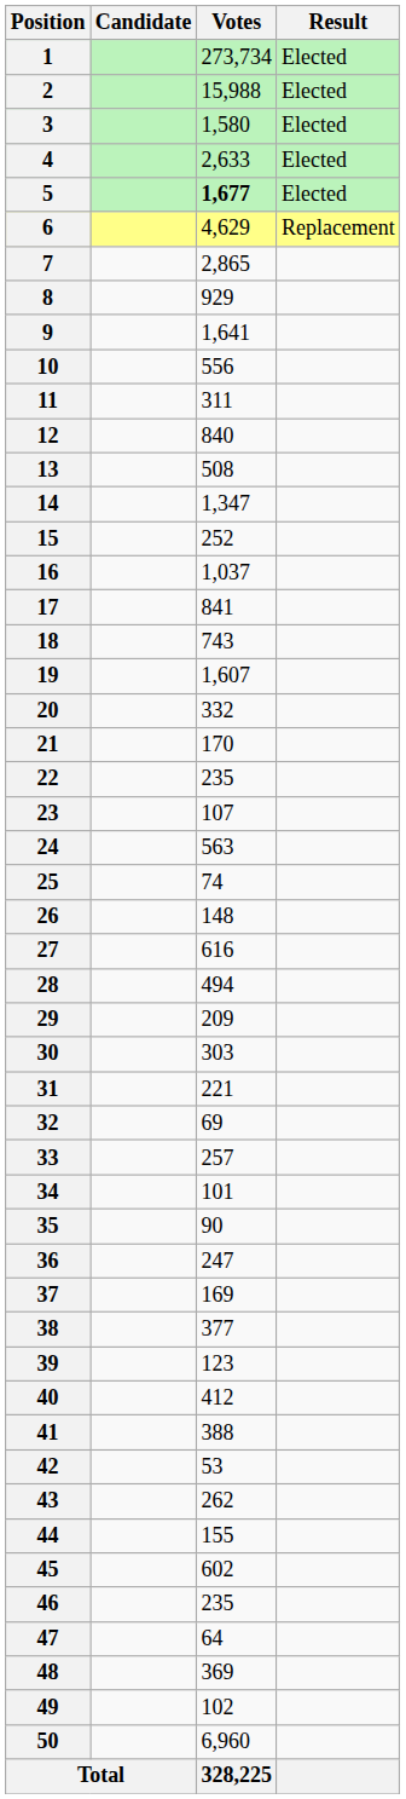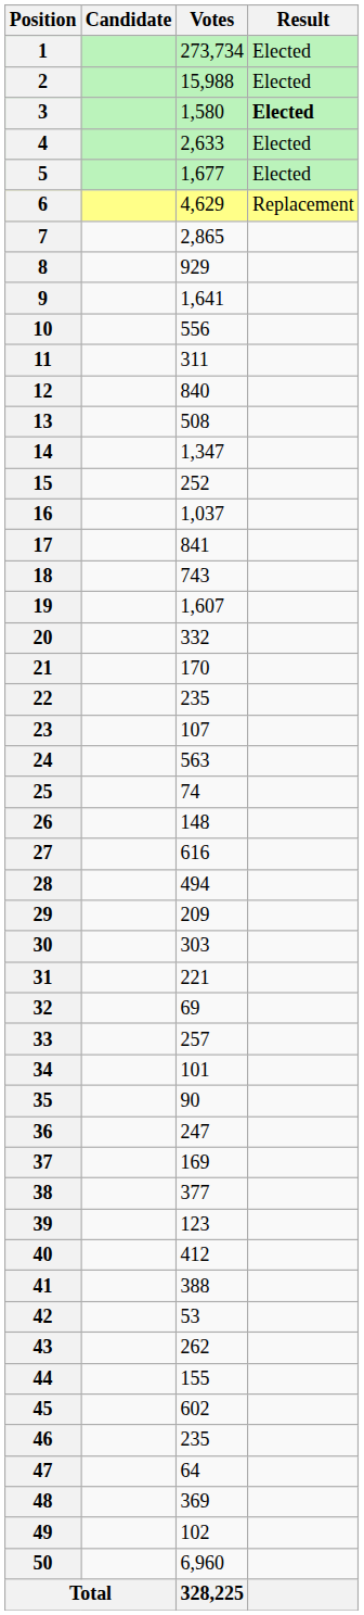 <table class="wikitable sortable col3right">
 <tr>
 <th scope="col">Position</th>
 <th scope="col">Candidate</th>
 <th scope="col">Votes</th>
 <th scope="col">Result</th>
 </tr>
 <tr bgcolor=bbf3bb>
 <th scope="row">1</th>
 <td></td>
 <td>273,734</td>
 <td>Elected</td>
 </tr>
 <tr bgcolor=bbf3bb>
 <th scope="row">2</th>
 <td></td>
 <td>15,988</td>
 <td>Elected</td>
 </tr>
 <tr bgcolor=bbf3bb>
 <th scope="row">3</th>
 <td></td>
 <td>1,580</td>
-<td>Elected</td>
+<td><strong>Elected</strong></td>
 </tr>
 <tr bgcolor=bbf3bb>
 <th scope="row">4</th>
 <td></td>
 <td>2,633</td>
 <td>Elected</td>
 </tr>
 <tr bgcolor=bbf3bb>
 <th scope="row">5</th>
 <td></td>
-<td><strong>1,677</strong></td>
+<td>1,677</td>
 <td>Elected</td>
 </tr>
 <tr bgcolor=#FF8>
 <th scope="row">6</th>
 <td></td>
 <td>4,629</td>
 <td>Replacement</td>
 </tr>
 <tr>
 <th scope="row">7</th>
 <td></td>
 <td>2,865</td>
 <td></td>
 </tr>
 <tr>
 <th scope="row">8</th>
 <td></td>
 <td>929</td>
 <td></td>
 </tr>
 <tr>
 <th scope="row">9</th>
 <td></td>
 <td>1,641</td>
 <td></td>
 </tr>
 <tr>
 <th scope="row">10</th>
 <td></td>
 <td>556</td>
 <td></td>
 </tr>
 <tr>
 <th scope="row">11</th>
 <td></td>
 <td>311</td>
 <td></td>
 </tr>
 <tr>
 <th scope="row">12</th>
 <td></td>
 <td>840</td>
 <td></td>
 </tr>
 <tr>
 <th scope="row">13</th>
 <td></td>
 <td>508</td>
 <td></td>
 </tr>
 <tr>
 <th scope="row">14</th>
 <td></td>
 <td>1,347</td>
 <td></td>
 </tr>
 <tr>
 <th scope="row">15</th>
 <td></td>
 <td>252</td>
 <td></td>
 </tr>
 <tr>
 <th scope="row">16</th>
 <td></td>
 <td>1,037</td>
 <td></td>
 </tr>
 <tr>
 <th scope="row">17</th>
 <td></td>
 <td>841</td>
 <td></td>
 </tr>
 <tr>
 <th scope="row">18</th>
 <td></td>
 <td>743</td>
 <td></td>
 </tr>
 <tr>
 <th scope="row">19</th>
 <td></td>
 <td>1,607</td>
 <td></td>
 </tr>
 <tr>
 <th scope="row">20</th>
 <td></td>
 <td>332</td>
 <td></td>
 </tr>
 <tr>
 <th scope="row">21</th>
 <td></td>
 <td>170</td>
 <td></td>
 </tr>
 <tr>
 <th scope="row">22</th>
 <td></td>
 <td>235</td>
 <td></td>
 </tr>
 <tr>
 <th scope="row">23</th>
 <td></td>
 <td>107</td>
 <td></td>
 </tr>
 <tr>
 <th scope="row">24</th>
 <td></td>
 <td>563</td>
 <td></td>
 </tr>
 <tr>
 <th scope="row">25</th>
 <td></td>
 <td>74</td>
 <td></td>
 </tr>
 <tr>
 <th scope="row">26</th>
 <td></td>
 <td>148</td>
 <td></td>
 </tr>
 <tr>
 <th scope="row">27</th>
 <td></td>
 <td>616</td>
 <td></td>
 </tr>
 <tr>
 <th scope="row">28</th>
 <td></td>
 <td>494</td>
 <td></td>
 </tr>
 <tr>
 <th scope="row">29</th>
 <td></td>
 <td>209</td>
 <td></td>
 </tr>
 <tr>
 <th scope="row">30</th>
 <td></td>
 <td>303</td>
 <td></td>
 </tr>
 <tr>
 <th scope="row">31</th>
 <td></td>
 <td>221</td>
 <td></td>
 </tr>
 <tr>
 <th scope="row">32</th>
 <td></td>
 <td>69</td>
 <td></td>
 </tr>
 <tr>
 <th scope="row">33</th>
 <td></td>
 <td>257</td>
 <td></td>
 </tr>
 <tr>
 <th scope="row">34</th>
 <td></td>
 <td>101</td>
 <td></td>
 </tr>
 <tr>
 <th scope="row">35</th>
 <td></td>
 <td>90</td>
 <td></td>
 </tr>
 <tr>
 <th scope="row">36</th>
 <td></td>
 <td>247</td>
 <td></td>
 </tr>
 <tr>
 <th scope="row">37</th>
 <td></td>
 <td>169</td>
 <td></td>
 </tr>
 <tr>
 <th scope="row">38</th>
 <td></td>
 <td>377</td>
 <td></td>
 </tr>
 <tr>
 <th scope="row">39</th>
 <td></td>
 <td>123</td>
 <td></td>
 </tr>
 <tr>
 <th scope="row">40</th>
 <td></td>
 <td>412</td>
 <td></td>
 </tr>
 <tr>
 <th scope="row">41</th>
 <td></td>
 <td>388</td>
 <td></td>
 </tr>
 <tr>
 <th scope="row">42</th>
 <td></td>
 <td>53</td>
 <td></td>
 </tr>
 <tr>
 <th scope="row">43</th>
 <td></td>
 <td>262</td>
 <td></td>
 </tr>
 <tr>
 <th scope="row">44</th>
 <td></td>
 <td>155</td>
 <td></td>
 </tr>
 <tr>
 <th scope="row">45</th>
 <td></td>
 <td>602</td>
 <td></td>
 </tr>
 <tr>
 <th scope="row">46</th>
 <td></td>
 <td>235</td>
 <td></td>
 </tr>
 <tr>
 <th scope="row">47</th>
 <td></td>
 <td>64</td>
 <td></td>
 </tr>
 <tr>
 <th scope="row">48</th>
 <td></td>
 <td>369</td>
 <td></td>
 </tr>
 <tr>
 <th scope="row">49</th>
 <td></td>
 <td>102</td>
 <td></td>
 </tr>
 <tr>
 <th scope="row">50</th>
 <td></td>
 <td>6,960</td>
 <td></td>
 </tr>
 <tr class=sortbottom>
 <th scope="row" colspan="2">Total</th>
 <th style="text-align:right">328,225</th>
 <th></th>
 </tr>
 </table>
